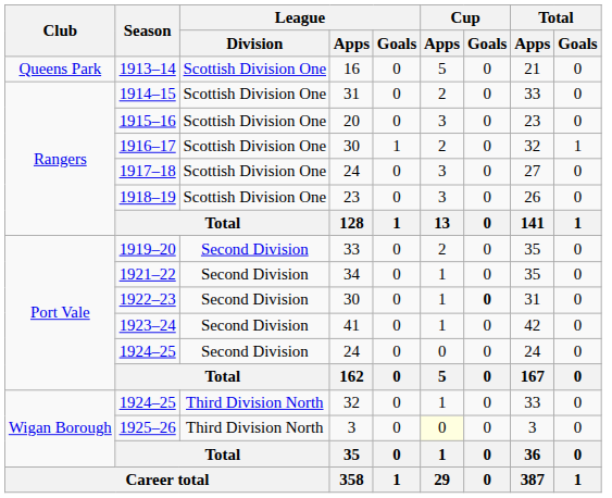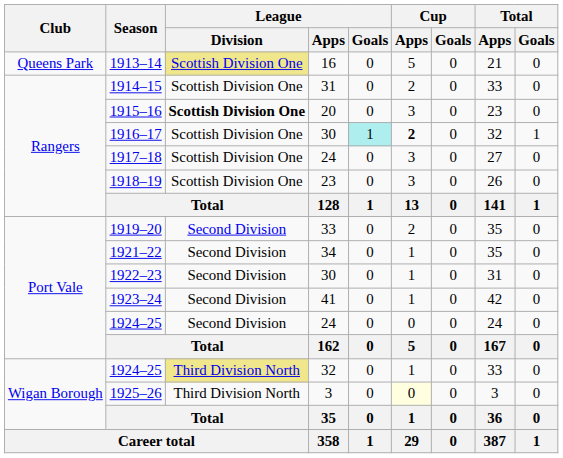 <table class="wikitable" style="text-align: center;">
 <tr>
 <th rowspan="2">Club</th>
 <th rowspan="2">Season</th>
 <th colspan="3">League</th>
 <th colspan="2">Cup</th>
 <th colspan="2">Total</th>
 </tr>
 <tr>
 <th>Division</th>
 <th>Apps</th>
 <th>Goals</th>
 <th>Apps</th>
 <th>Goals</th>
 <th>Apps</th>
 <th>Goals</th>
 </tr>
 <tr>
 <td><a href='#'>Queens Park</a></td>
 <td><a href='#'>1913–14</a></td>
-<td><a href='#'>Scottish Division One</a></td>
+<td style="background: khaki;"><a href='#'>Scottish Division One</a></td>
 <td>16</td>
 <td>0</td>
 <td>5</td>
 <td>0</td>
 <td>21</td>
 <td>0</td>
 </tr>
 <tr>
 <td rowspan="6"><a href='#'>Rangers</a></td>
 <td><a href='#'>1914–15</a></td>
 <td>Scottish Division One</td>
 <td>31</td>
 <td>0</td>
 <td>2</td>
 <td>0</td>
 <td>33</td>
 <td>0</td>
 </tr>
 <tr>
 <td><a href='#'>1915–16</a></td>
-<td>Scottish Division One</td>
+<td><strong>Scottish Division One</strong></td>
 <td>20</td>
 <td>0</td>
 <td>3</td>
 <td>0</td>
 <td>23</td>
 <td>0</td>
 </tr>
 <tr>
 <td><a href='#'>1916–17</a></td>
 <td>Scottish Division One</td>
 <td>30</td>
-<td>1</td>
-<td>2</td>
+<td style="background: paleturquoise;">1</td>
+<td><strong>2</strong></td>
 <td>0</td>
 <td>32</td>
 <td>1</td>
 </tr>
 <tr>
 <td><a href='#'>1917–18</a></td>
 <td>Scottish Division One</td>
 <td>24</td>
 <td>0</td>
 <td>3</td>
 <td>0</td>
 <td>27</td>
 <td>0</td>
 </tr>
 <tr>
 <td><a href='#'>1918–19</a></td>
 <td>Scottish Division One</td>
 <td>23</td>
 <td>0</td>
 <td>3</td>
 <td>0</td>
 <td>26</td>
 <td>0</td>
 </tr>
 <tr>
 <th colspan="2">Total</th>
 <th>128</th>
 <th>1</th>
 <th>13</th>
 <th>0</th>
 <th>141</th>
 <th>1</th>
 </tr>
 <tr>
 <td rowspan="6"><a href='#'>Port Vale</a></td>
 <td><a href='#'>1919–20</a></td>
 <td><a href='#'>Second Division</a></td>
 <td>33</td>
 <td>0</td>
 <td>2</td>
 <td>0</td>
 <td>35</td>
 <td>0</td>
 </tr>
 <tr>
 <td><a href='#'>1921–22</a></td>
 <td>Second Division</td>
 <td>34</td>
 <td>0</td>
 <td>1</td>
 <td>0</td>
 <td>35</td>
 <td>0</td>
 </tr>
 <tr>
 <td><a href='#'>1922–23</a></td>
 <td>Second Division</td>
 <td>30</td>
 <td>0</td>
 <td>1</td>
-<td><strong>0</strong></td>
+<td>0</td>
 <td>31</td>
 <td>0</td>
 </tr>
 <tr>
 <td><a href='#'>1923–24</a></td>
 <td>Second Division</td>
 <td>41</td>
 <td>0</td>
 <td>1</td>
 <td>0</td>
 <td>42</td>
 <td>0</td>
 </tr>
 <tr>
 <td><a href='#'>1924–25</a></td>
 <td>Second Division</td>
 <td>24</td>
 <td>0</td>
 <td>0</td>
 <td>0</td>
 <td>24</td>
 <td>0</td>
 </tr>
 <tr>
 <th colspan="2">Total</th>
 <th>162</th>
 <th>0</th>
 <th>5</th>
 <th>0</th>
 <th>167</th>
 <th>0</th>
 </tr>
 <tr>
 <td rowspan="3"><a href='#'>Wigan Borough</a></td>
 <td><a href='#'>1924–25</a></td>
-<td><a href='#'>Third Division North</a></td>
+<td style="background: khaki;"><a href='#'>Third Division North</a></td>
 <td>32</td>
 <td>0</td>
 <td>1</td>
 <td>0</td>
 <td>33</td>
 <td>0</td>
 </tr>
 <tr>
 <td><a href='#'>1925–26</a></td>
 <td>Third Division North</td>
 <td>3</td>
 <td>0</td>
 <td style="background: lightyellow;">0</td>
 <td>0</td>
 <td>3</td>
 <td>0</td>
 </tr>
 <tr>
 <th colspan="2">Total</th>
 <th>35</th>
 <th>0</th>
 <th>1</th>
 <th>0</th>
 <th>36</th>
 <th>0</th>
 </tr>
 <tr>
 <th colspan="3">Career total</th>
 <th>358</th>
 <th>1</th>
 <th>29</th>
 <th>0</th>
 <th>387</th>
 <th>1</th>
 </tr>
 </table>
